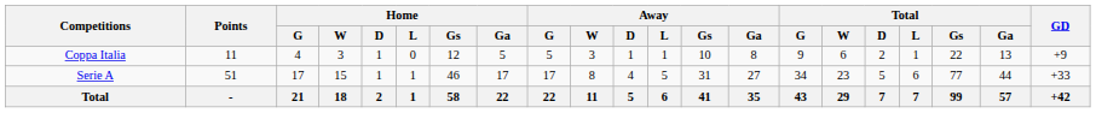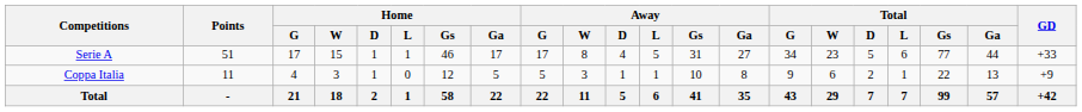 <table class="wikitable" style="font-size:90%;width:100%;margin:auto;clear:both;text-align:center;">
 <tr>
 <th rowspan="2">Competitions</th>
 <th rowspan="2">Points</th>
 <th colspan="6">Home</th>
 <th colspan="6">Away</th>
 <th colspan="6">Total</th>
 <th rowspan="2"><a href='#'>GD</a></th>
 </tr>
 <tr>
 <th>G</th>
 <th>W</th>
 <th>D</th>
 <th>L</th>
 <th>Gs</th>
 <th>Ga</th>
 <th>G</th>
 <th>W</th>
 <th>D</th>
 <th>L</th>
 <th>Gs</th>
 <th>Ga</th>
 <th>G</th>
 <th>W</th>
 <th>D</th>
 <th>L</th>
 <th>Gs</th>
 <th>Ga</th>
 </tr>
 <tr>
+<td><a href='#'>Serie A</a></td>
+<td>51</td>
+<td>17</td>
+<td>15</td>
+<td>1</td>
+<td>1</td>
+<td>46</td>
+<td>17</td>
+<td>17</td>
+<td>8</td>
+<td>4</td>
+<td>5</td>
+<td>31</td>
+<td>27</td>
+<td>34</td>
+<td>23</td>
+<td>5</td>
+<td>6</td>
+<td>77</td>
+<td>44</td>
+<td>+33</td>
+</tr>
+<tr>
 <td><a href='#'>Coppa Italia</a></td>
 <td>11</td>
 <td>4</td>
 <td>3</td>
 <td>1</td>
 <td>0</td>
 <td>12</td>
 <td>5</td>
 <td>5</td>
 <td>3</td>
 <td>1</td>
 <td>1</td>
 <td>10</td>
 <td>8</td>
 <td>9</td>
 <td>6</td>
 <td>2</td>
 <td>1</td>
 <td>22</td>
 <td>13</td>
 <td>+9</td>
-</tr>
-<tr>
-<td><a href='#'>Serie A</a></td>
-<td>51</td>
-<td>17</td>
-<td>15</td>
-<td>1</td>
-<td>1</td>
-<td>46</td>
-<td>17</td>
-<td>17</td>
-<td>8</td>
-<td>4</td>
-<td>5</td>
-<td>31</td>
-<td>27</td>
-<td>34</td>
-<td>23</td>
-<td>5</td>
-<td>6</td>
-<td>77</td>
-<td>44</td>
-<td>+33</td>
 </tr>
 <tr>
 <th>Total</th>
 <th>-</th>
 <th>21</th>
 <th>18</th>
 <th>2</th>
 <th>1</th>
 <th>58</th>
 <th>22</th>
 <th>22</th>
 <th>11</th>
 <th>5</th>
 <th>6</th>
 <th>41</th>
 <th>35</th>
 <th>43</th>
 <th>29</th>
 <th>7</th>
 <th>7</th>
 <th>99</th>
 <th>57</th>
 <th>+42</th>
 </tr>
 </table>
